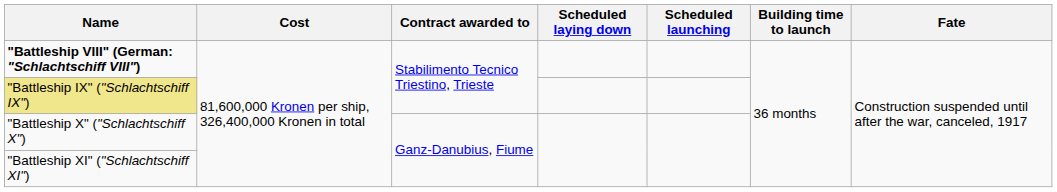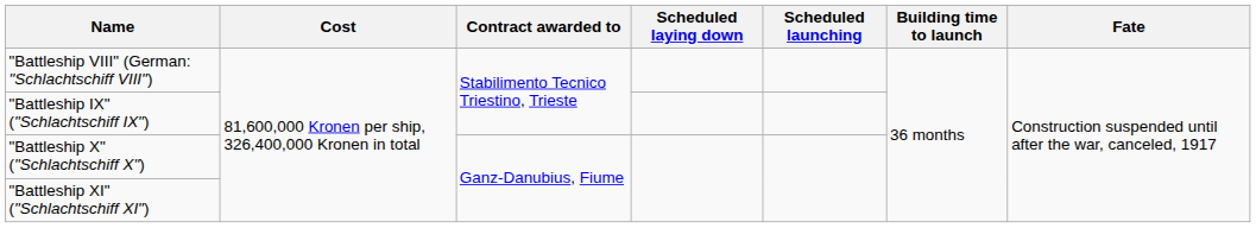 <table class="wikitable plainrowheaders">
 <tr>
 <th scope="col">Name</th>
 <th scope="col">Cost</th>
 <th scope="col">Contract awarded to</th>
 <th scope="col">Scheduled <a href='#'>laying down</a></th>
 <th scope="col">Scheduled <a href='#'>launching</a></th>
 <th scope="col">Building time to launch</th>
 <th scope="col">Fate</th>
 </tr>
 <tr>
-<td scope="row"><strong>"Battleship VIII" (German: <em>"Schlachtschiff VIII"</em>)</strong></td>
+<td scope="row">"Battleship VIII" (German: <em>"Schlachtschiff VIII"</em>)</td>
 <td rowspan=4>81,600,000 <a href='#'>Kronen</a> per ship, 326,400,000 Kronen in total</td>
 <td rowspan=2><a href='#'>Stabilimento Tecnico Triestino</a>, <a href='#'>Trieste</a></td>
 <td></td>
 <td></td>
 <td rowspan=4>36 months</td>
 <td rowspan=4>Construction suspended until after the war, canceled, 1917</td>
 </tr>
 <tr>
-<td scope="row" style="background: khaki;">"Battleship IX" (<em>"Schlachtschiff IX"</em>)</td>
+<td scope="row">"Battleship IX" (<em>"Schlachtschiff IX"</em>)</td>
 <td></td>
 <td></td>
 </tr>
 <tr>
 <td scope="row">"Battleship X" (<em>"Schlachtschiff X"</em>)</td>
 <td rowspan=2><a href='#'>Ganz-Danubius</a>, <a href='#'>Fiume</a></td>
 <td rowspan=2></td>
 <td rowspan=2></td>
 </tr>
 <tr>
 <td scope="row">"Battleship XI" (<em>"Schlachtschiff XI"</em>)</td>
 </tr>
 </table>
